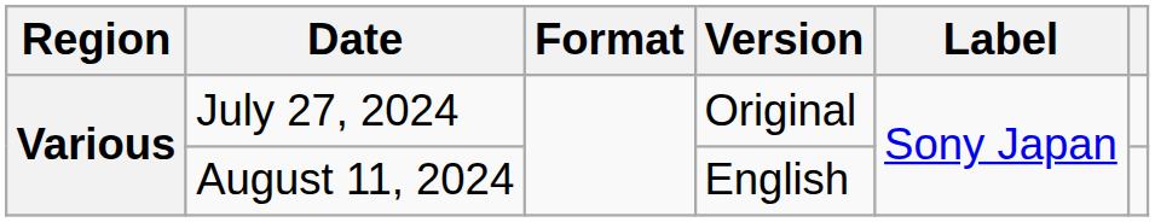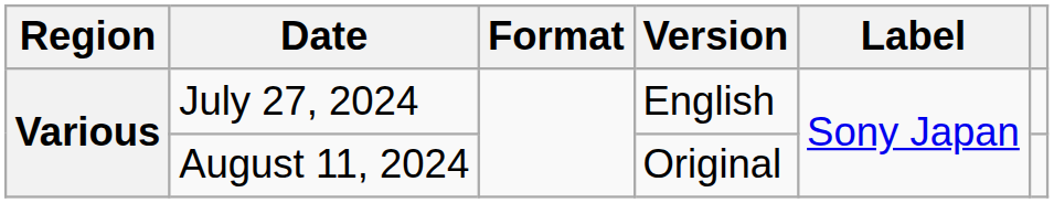 <table class="wikitable plainrowheaders">
 <tr>
 <th scope="col">Region</th>
 <th scope="col">Date</th>
 <th scope="col">Format</th>
 <th scope="col">Version</th>
 <th scope="col">Label</th>
 <th scope="col"></th>
 </tr>
 <tr>
 <th scope="row" rowspan="2">Various</th>
 <td>July 27, 2024</td>
 <td rowspan="2"></td>
-<td>Original</td>
+<td>English</td>
 <td rowspan="2"><a href='#'>Sony Japan</a></td>
 <td style="text-align:center"></td>
 </tr>
 <tr>
 <td>August 11, 2024</td>
-<td>English</td>
+<td>Original</td>
 <td style="text-align:center"></td>
 </tr>
 </table>
